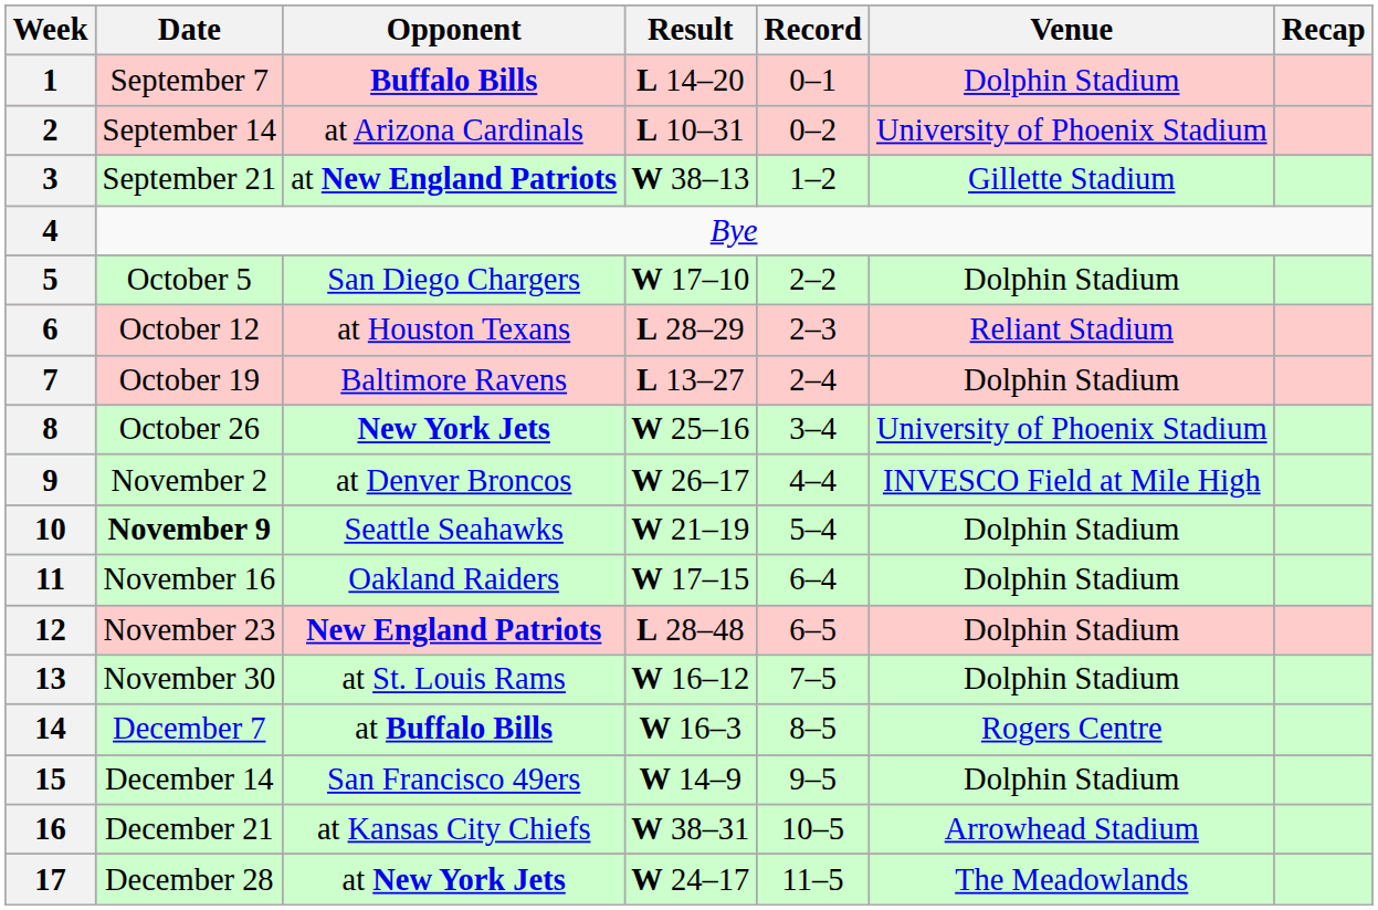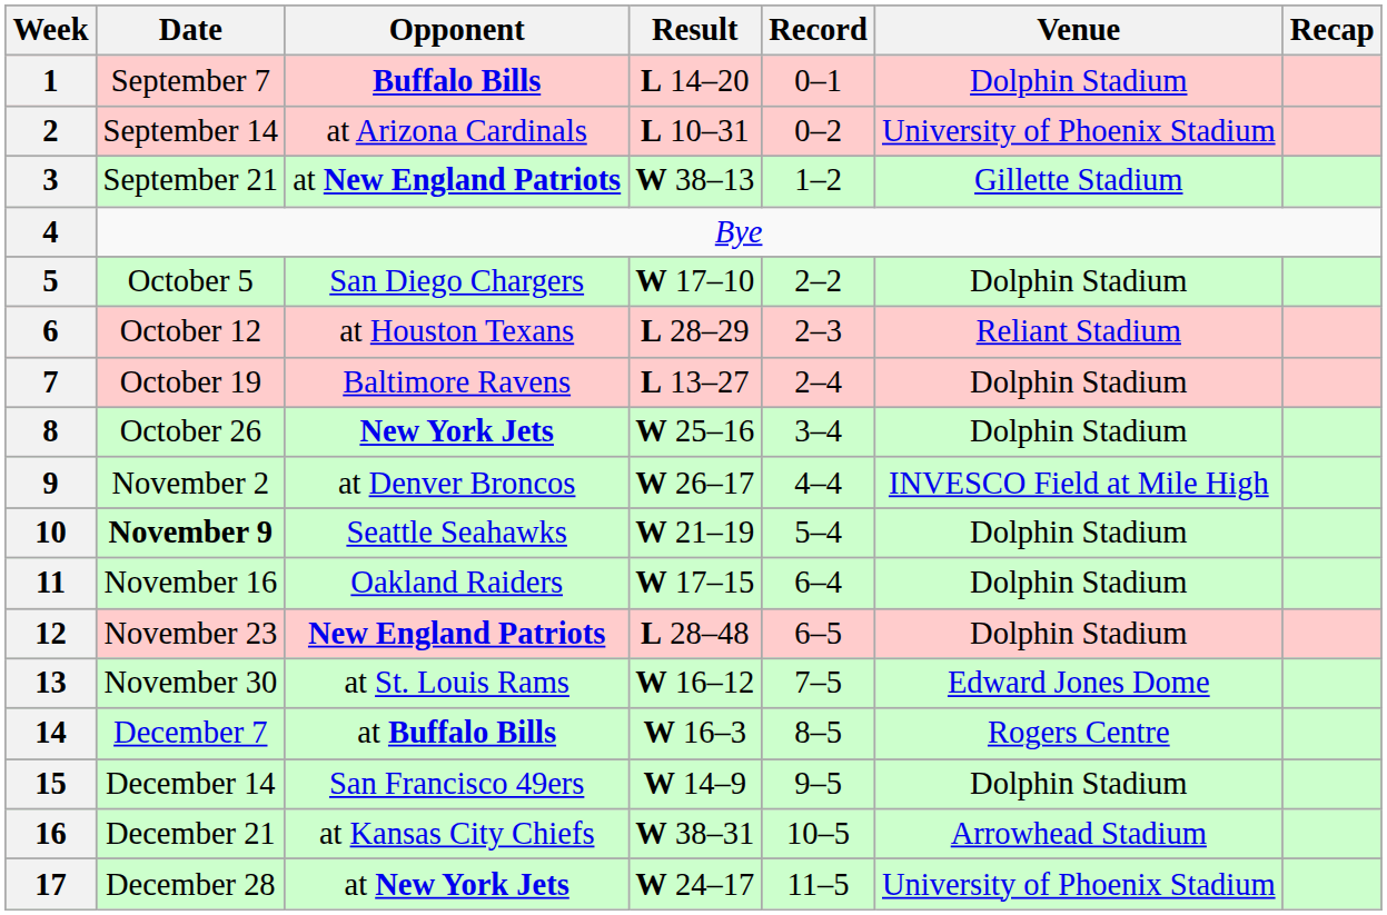 <table class="wikitable" style="text-align:center">
 <tr>
 <th>Week</th>
 <th>Date</th>
 <th>Opponent</th>
 <th>Result</th>
 <th>Record</th>
 <th>Venue</th>
 <th>Recap</th>
 </tr>
 <tr style="background:#fcc">
 <th>1</th>
 <td>September 7</td>
 <td><strong><a href='#'>Buffalo Bills</a></strong></td>
 <td><strong>L</strong> 14–20</td>
 <td>0–1</td>
 <td><a href='#'>Dolphin Stadium</a></td>
 <td></td>
 </tr>
 <tr style="background:#fcc">
 <th>2</th>
 <td>September 14</td>
 <td>at <a href='#'>Arizona Cardinals</a></td>
 <td><strong>L</strong> 10–31</td>
 <td>0–2</td>
 <td><a href='#'>University of Phoenix Stadium</a></td>
 <td></td>
 </tr>
 <tr style="background:#cfc">
 <th>3</th>
 <td>September 21</td>
 <td>at <strong><a href='#'>New England Patriots</a></strong></td>
 <td><strong>W</strong> 38–13</td>
 <td>1–2</td>
 <td><a href='#'>Gillette Stadium</a></td>
 <td></td>
 </tr>
 <tr style="text-align:center;">
 <th>4</th>
 <td colspan="6"><em><a href='#'>Bye</a></em></td>
 </tr>
 <tr style="background:#cfc">
 <th>5</th>
 <td>October 5</td>
 <td><a href='#'>San Diego Chargers</a></td>
 <td><strong>W</strong> 17–10</td>
 <td>2–2</td>
 <td>Dolphin Stadium</td>
 <td></td>
 </tr>
 <tr style="background:#fcc;">
 <th>6</th>
 <td>October 12</td>
 <td>at <a href='#'>Houston Texans</a></td>
 <td><strong>L</strong> 28–29</td>
 <td>2–3</td>
 <td><a href='#'>Reliant Stadium</a></td>
 <td></td>
 </tr>
 <tr style="background:#fcc;">
 <th>7</th>
 <td>October 19</td>
 <td><a href='#'>Baltimore Ravens</a></td>
 <td><strong>L</strong> 13–27</td>
 <td>2–4</td>
 <td>Dolphin Stadium</td>
 <td></td>
 </tr>
 <tr style="background:#cfc">
 <th>8</th>
 <td>October 26</td>
 <td><strong><a href='#'>New York Jets</a></strong></td>
 <td><strong>W</strong> 25–16</td>
 <td>3–4</td>
-<td><a href='#'>University of Phoenix Stadium</a></td>
+<td>Dolphin Stadium</td>
 <td></td>
 </tr>
 <tr style="background:#cfc">
 <th>9</th>
 <td>November 2</td>
 <td>at <a href='#'>Denver Broncos</a></td>
 <td><strong>W</strong> 26–17</td>
 <td>4–4</td>
 <td><a href='#'>INVESCO Field at Mile High</a></td>
 <td></td>
 </tr>
 <tr style="background:#cfc">
 <th>10</th>
 <td><strong>November 9</strong></td>
 <td><a href='#'>Seattle Seahawks</a></td>
 <td><strong>W</strong> 21–19</td>
 <td>5–4</td>
 <td>Dolphin Stadium</td>
 <td></td>
 </tr>
 <tr style="background:#cfc">
 <th>11</th>
 <td>November 16</td>
 <td><a href='#'>Oakland Raiders</a></td>
 <td><strong>W</strong> 17–15</td>
 <td>6–4</td>
 <td>Dolphin Stadium</td>
 <td></td>
 </tr>
 <tr style="background:#fcc;">
 <th>12</th>
 <td>November 23</td>
 <td><strong><a href='#'>New England Patriots</a></strong></td>
 <td><strong>L</strong> 28–48</td>
 <td>6–5</td>
 <td>Dolphin Stadium</td>
 <td></td>
 </tr>
 <tr style="background:#cfc">
 <th>13</th>
 <td>November 30</td>
 <td>at <a href='#'>St. Louis Rams</a></td>
 <td><strong>W</strong> 16–12</td>
 <td>7–5</td>
-<td>Dolphin Stadium</td>
+<td><a href='#'>Edward Jones Dome</a></td>
 <td></td>
 </tr>
 <tr style="background:#cfc">
 <th>14</th>
 <td><a href='#'>December 7</a></td>
 <td>at <strong><a href='#'>Buffalo Bills</a></strong></td>
 <td><strong>W</strong> 16–3</td>
 <td>8–5</td>
 <td> <a href='#'>Rogers Centre</a> </td>
 <td></td>
 </tr>
 <tr style="background:#cfc">
 <th>15</th>
 <td>December 14</td>
 <td><a href='#'>San Francisco 49ers</a></td>
 <td><strong>W</strong> 14–9</td>
 <td>9–5</td>
 <td>Dolphin Stadium</td>
 <td></td>
 </tr>
 <tr style="background:#cfc">
 <th>16</th>
 <td>December 21</td>
 <td>at <a href='#'>Kansas City Chiefs</a></td>
 <td><strong>W</strong> 38–31</td>
 <td>10–5</td>
 <td><a href='#'>Arrowhead Stadium</a></td>
 <td></td>
 </tr>
 <tr style="background:#cfc">
 <th>17</th>
 <td>December 28</td>
 <td>at <strong><a href='#'>New York Jets</a></strong></td>
 <td><strong>W</strong> 24–17</td>
 <td>11–5</td>
-<td><a href='#'>The Meadowlands</a></td>
+<td><a href='#'>University of Phoenix Stadium</a></td>
 <td></td>
 </tr>
 </table>
